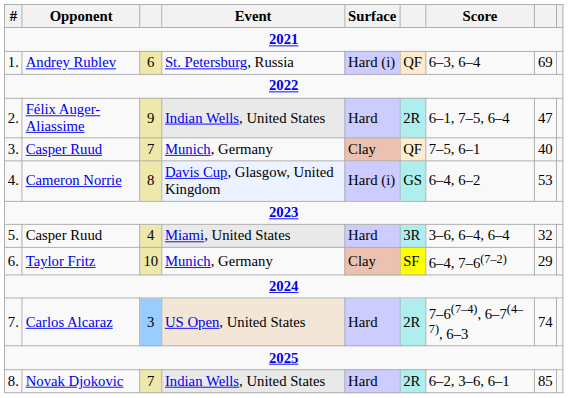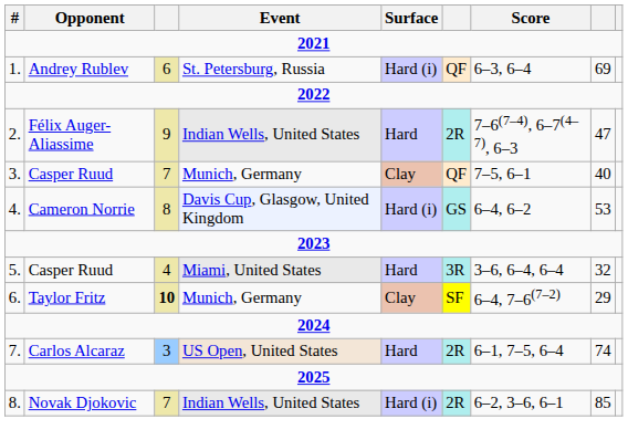 <table class="wikitable sortable">
 <tr>
 <th class="unsortable">#</th>
 <th>Opponent</th>
 <th></th>
 <th>Event</th>
 <th>Surface</th>
 <th class="unsortable"></th>
 <th class="unsortable">Score</th>
 <th class="unsortable"></th>
 <th class="unsortable"></th>
 </tr>
 <tr>
 <td colspan=9 style=text-align:center><strong><a href='#'>2021</a></strong></td>
 </tr>
 <tr>
 <td>1.</td>
 <td> <a href='#'>Andrey Rublev</a></td>
 <td align=center bgcolor=eee8aa>6</td>
 <td><a href='#'>St. Petersburg</a>, Russia</td>
 <td bgcolor=ccccff>Hard (i)</td>
 <td bgcolor=ffebcd>QF</td>
 <td>6–3, 6–4</td>
 <td align=center>69</td>
 <td></td>
 </tr>
 <tr>
 <td colspan=9 style=text-align:center><strong><a href='#'>2022</a></strong></td>
 </tr>
 <tr>
 <td>2.</td>
 <td> <a href='#'>Félix Auger-Aliassime</a></td>
 <td align=center bgcolor=eee8aa>9</td>
 <td bgcolor="e9e9e9"><a href='#'>Indian Wells</a>, United States</td>
 <td bgcolor=ccccff>Hard</td>
 <td bgcolor=afeeee>2R</td>
-<td>6–1, 7–5, 6–4</td>
+<td>7–6<sup>(7–4)</sup>, 6–7<sup>(4–7)</sup>, 6–3</td>
 <td align=center>47</td>
 <td></td>
 </tr>
 <tr>
 <td>3.</td>
 <td> <a href='#'>Casper Ruud</a></td>
 <td align=center bgcolor=eee8aa>7</td>
 <td><a href='#'>Munich</a>, Germany</td>
 <td bgcolor=ebc2af>Clay</td>
 <td bgcolor=ffebcd>QF</td>
 <td>7–5, 6–1</td>
 <td align=center>40</td>
 <td></td>
 </tr>
 <tr>
 <td>4.</td>
 <td> <a href='#'>Cameron Norrie</a></td>
 <td align=center bgcolor=eee8aa>8</td>
 <td bgcolor=ecf2ff><a href='#'>Davis Cup</a>, Glasgow, United Kingdom</td>
 <td bgcolor=CCCCFF>Hard (i)</td>
 <td bgcolor=AFEEEE>GS</td>
 <td>6–4, 6–2</td>
 <td align=center>53</td>
 <td></td>
 </tr>
 <tr>
 <td colspan=9 style=text-align:center><strong><a href='#'>2023</a></strong></td>
 </tr>
 <tr>
 <td>5.</td>
 <td> Casper Ruud</td>
 <td style=text-align:center bgcolor=eee8aa>4</td>
 <td style=background:#e9e9e9><a href='#'>Miami</a>, United States</td>
 <td bgcolor=CCCCFF>Hard</td>
 <td bgcolor=AFEEEE>3R</td>
 <td>3–6, 6–4, 6–4</td>
 <td style=text-align:center>32</td>
 <td></td>
 </tr>
 <tr>
 <td>6.</td>
 <td> <a href='#'>Taylor Fritz</a></td>
-<td align=center bgcolor=eee8aa>10</td>
+<td align=center bgcolor=eee8aa><strong>10</strong></td>
 <td><a href='#'>Munich</a>, Germany</td>
 <td bgcolor=ebc2af>Clay</td>
 <td bgcolor=yellow>SF</td>
 <td>6–4, 7–6<sup>(7–2)</sup></td>
 <td style=text-align:center>29</td>
 <td></td>
 </tr>
 <tr>
 <td colspan=9 style=text-align:center><strong><a href='#'>2024</a></strong></td>
 </tr>
 <tr>
 <td>7.</td>
 <td> <a href='#'>Carlos Alcaraz</a></td>
 <td align=center bgcolor=99ccff>3</td>
 <td bgcolor=f3e6d7><a href='#'>US Open</a>, United States</td>
 <td bgcolor=ccccff>Hard</td>
 <td bgcolor=afeeee>2R</td>
-<td>7–6<sup>(7–4)</sup>, 6–7<sup>(4–7)</sup>, 6–3</td>
+<td>6–1, 7–5, 6–4</td>
 <td style=text-align:center>74</td>
 <td></td>
 </tr>
 <tr>
 <td colspan=9 style=text-align:center><strong><a href='#'>2025</a></strong></td>
 </tr>
 <tr>
 <td>8.</td>
 <td> <a href='#'>Novak Djokovic</a></td>
 <td align=center bgcolor=eee8aa>7</td>
 <td bgcolor="e9e9e9"><a href='#'>Indian Wells</a>, United States</td>
-<td bgcolor=ccccff>Hard</td>
+<td bgcolor=ccccff>Hard (i)</td>
 <td bgcolor=afeeee>2R</td>
 <td>6–2, 3–6, 6–1</td>
 <td align=center>85</td>
 <td></td>
 </tr>
 </table>
